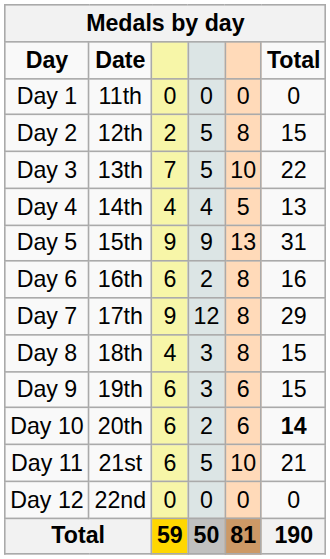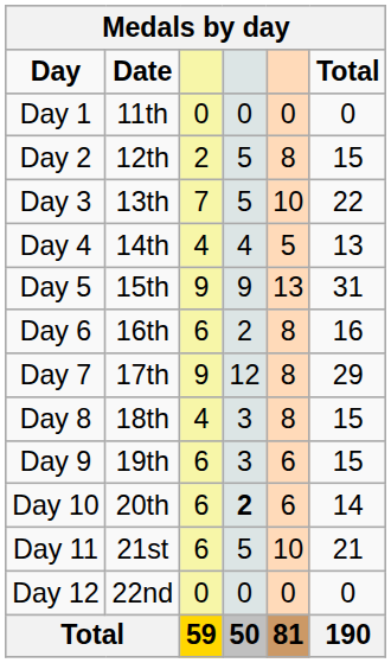 <table class="wikitable" style="font-size:90%">
 <tr bgcolor="#efefef">
 <th colspan=6>Medals by day</th>
 </tr>
 <tr style="text-align:center;">
 <td><strong>Day</strong></td>
 <td><strong>Date</strong></td>
 <td bgcolor=#f7f6a8></td>
 <td bgcolor=#dce5e5></td>
 <td bgcolor=#ffdab9></td>
 <td><strong>Total</strong></td>
 </tr>
 <tr align=center>
 <td>Day 1</td>
 <td>11th</td>
 <td bgcolor=#f7f6a8>0</td>
 <td bgcolor=#dce5e5>0</td>
 <td bgcolor=#ffdab9>0</td>
 <td>0</td>
 </tr>
 <tr align=center>
 <td>Day 2</td>
 <td>12th</td>
 <td bgcolor=#f7f6a8>2</td>
 <td bgcolor=#dce5e5>5</td>
 <td bgcolor=#ffdab9>8</td>
 <td>15</td>
 </tr>
 <tr align=center>
 <td>Day 3</td>
 <td>13th</td>
 <td bgcolor=#f7f6a8>7</td>
 <td bgcolor=#dce5e5>5</td>
 <td bgcolor=#ffdab9>10</td>
 <td>22</td>
 </tr>
 <tr align=center>
 <td>Day 4</td>
 <td>14th</td>
 <td bgcolor=#f7f6a8>4</td>
 <td bgcolor=#dce5e5>4</td>
 <td bgcolor=#ffdab9>5</td>
 <td>13</td>
 </tr>
 <tr align=center>
 <td>Day 5</td>
 <td>15th</td>
 <td bgcolor=#f7f6a8>9</td>
 <td bgcolor=#dce5e5>9</td>
 <td bgcolor=#ffdab9>13</td>
 <td>31</td>
 </tr>
 <tr align=center>
 <td>Day 6</td>
 <td>16th</td>
 <td bgcolor=#f7f6a8>6</td>
 <td bgcolor=#dce5e5>2</td>
 <td bgcolor=#ffdab9>8</td>
 <td>16</td>
 </tr>
 <tr align=center>
 <td>Day 7</td>
 <td>17th</td>
 <td bgcolor=#f7f6a8>9</td>
 <td bgcolor=#dce5e5>12</td>
 <td bgcolor=#ffdab9>8</td>
 <td>29</td>
 </tr>
 <tr align=center>
 <td>Day 8</td>
 <td>18th</td>
 <td bgcolor=#f7f6a8>4</td>
 <td bgcolor=#dce5e5>3</td>
 <td bgcolor=#ffdab9>8</td>
 <td>15</td>
 </tr>
 <tr align=center>
 <td>Day 9</td>
 <td>19th</td>
 <td bgcolor=#f7f6a8>6</td>
 <td bgcolor=#dce5e5>3</td>
 <td bgcolor=#ffdab9>6</td>
 <td>15</td>
 </tr>
 <tr align=center>
 <td>Day 10</td>
 <td>20th</td>
 <td bgcolor=#f7f6a8>6</td>
-<td bgcolor=#dce5e5>2</td>
+<td bgcolor=#dce5e5><strong>2</strong></td>
 <td bgcolor=#ffdab9>6</td>
-<td><strong>14</strong></td>
+<td>14</td>
 </tr>
 <tr align=center>
 <td>Day 11</td>
 <td>21st</td>
 <td bgcolor=#f7f6a8>6</td>
 <td bgcolor=#dce5e5>5</td>
 <td bgcolor=#ffdab9>10</td>
 <td>21</td>
 </tr>
 <tr align=center>
 <td>Day 12</td>
 <td>22nd</td>
 <td bgcolor=#f7f6a8>0</td>
 <td bgcolor=#dce5e5>0</td>
 <td bgcolor=#ffdab9>0</td>
 <td>0</td>
 </tr>
 <tr align=center>
 <th colspan=2>Total</th>
 <th style="background:gold;">59</th>
 <th style="background:silver;">50</th>
 <th style="background:#c96;">81</th>
 <th>190</th>
 </tr>
 </table>
